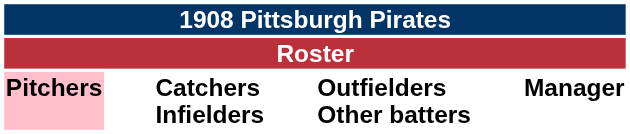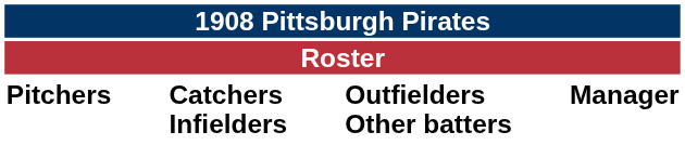 <table class="toccolours" style="font-size: 95%;">
 <tr>
 <th colspan="10" style="background-color: #023465; color: white; text-align: center;">1908 Pittsburgh Pirates</th>
 </tr>
 <tr>
 <td colspan="10" style="background-color: #ba313c; color: white; text-align: center;"><strong>Roster</strong></td>
 </tr>
 <tr>
-<td valign="top" style="background: pink;"><strong>Pitchers</strong><br>           </td>
+<td valign="top"><strong>Pitchers</strong><br>           </td>
 <td width="25px"></td>
 <td valign="top"><strong>Catchers</strong><br>    <strong>Infielders</strong>        </td>
 <td width="25px"></td>
 <td valign="top"><strong>Outfielders</strong><br>       <strong>Other batters</strong> </td>
 <td width="25px"></td>
 <td valign="top"><strong>Manager</strong><br></td>
 </tr>
 </table>
